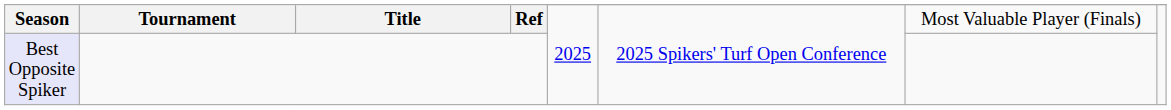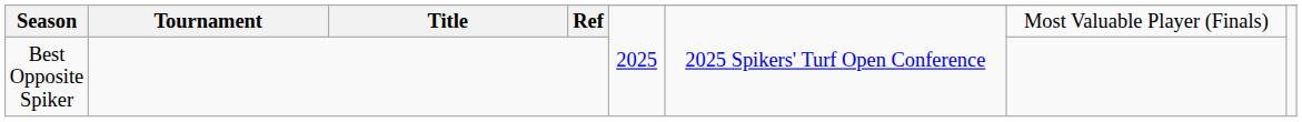 <table class="wikitable sortable" style="text-align:center" width="80%">
 <tr>
 <th style="width:25px;" rowspan="2">Season</th>
 <th style="width:180px;" rowspan="2">Tournament</th>
 <th style="width:180px;" rowspan="2">Title</th>
 <th style="width:25px;" rowspan="2">Ref</th>
 </tr>
 <tr align=center>
 <td rowspan=2><a href='#'>2025</a></td>
 <td rowspan=2><a href='#'>2025 Spikers' Turf Open Conference</a></td>
 <td>Most Valuable Player (Finals)</td>
 <td rowspan=2></td>
 </tr>
 <tr>
-<td style="background: lavender;">Best Opposite Spiker</td>
+<td>Best Opposite Spiker</td>
 </tr>
 </table>
